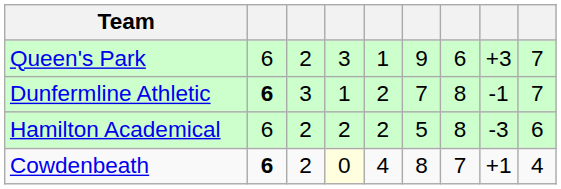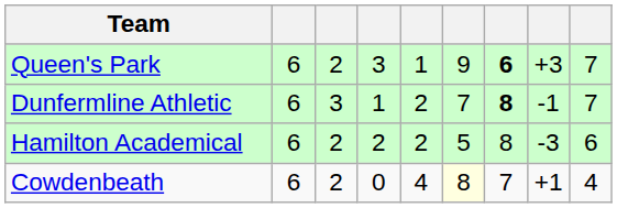 <table class="wikitable" style="text-align:center;">
 <tr>
 <th width=165>Team</th>
 <th width=20></th>
 <th width=20></th>
 <th width=20></th>
 <th width=20></th>
 <th width=20></th>
 <th width=20></th>
 <th width=20></th>
 <th width=20></th>
 </tr>
 <tr style="background:#cfc;">
 <td align="left"><a href='#'>Queen's Park</a></td>
 <td>6</td>
 <td>2</td>
 <td>3</td>
 <td>1</td>
 <td>9</td>
-<td>6</td>
+<td><strong>6</strong></td>
 <td>+3</td>
 <td>7</td>
 </tr>
 <tr style="background:#cfc;">
 <td align="left"><a href='#'>Dunfermline Athletic</a></td>
-<td><strong>6</strong></td>
+<td>6</td>
 <td>3</td>
 <td>1</td>
 <td>2</td>
 <td>7</td>
-<td>8</td>
+<td><strong>8</strong></td>
 <td>-1</td>
 <td>7</td>
 </tr>
 <tr style="background:#cfc;">
 <td align="left"><a href='#'>Hamilton Academical</a></td>
 <td>6</td>
 <td>2</td>
 <td>2</td>
 <td>2</td>
 <td>5</td>
 <td>8</td>
 <td>-3</td>
 <td>6</td>
 </tr>
 <tr>
 <td align="left"><a href='#'>Cowdenbeath</a></td>
-<td><strong>6</strong></td>
+<td>6</td>
 <td>2</td>
-<td style="background: lightyellow;">0</td>
+<td>0</td>
 <td>4</td>
-<td>8</td>
+<td style="background: lightyellow;">8</td>
 <td>7</td>
 <td>+1</td>
 <td>4</td>
 </tr>
 </table>
